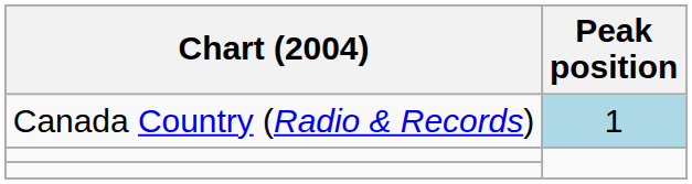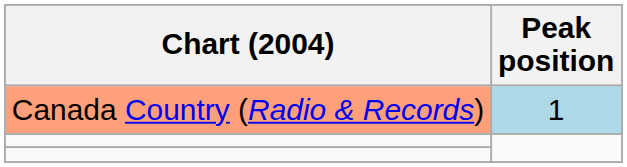 <table class="wikitable sortable">
 <tr>
 <th>Chart (2004)</th>
 <th>Peak<br>position</th>
 </tr>
 <tr>
-<td align="left">Canada <a href='#'>Country</a> (<em><a href='#'>Radio & Records</a></em>)</td>
+<td align="left" style="background: lightsalmon;">Canada <a href='#'>Country</a> (<em><a href='#'>Radio & Records</a></em>)</td>
 <td align="center" style="background: lightblue;">1</td>
 </tr>
 <tr>
 <td></td>
 </tr>
 <tr>
 <td></td>
 </tr>
 </table>
